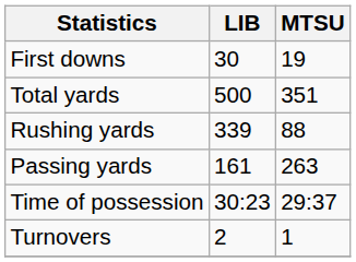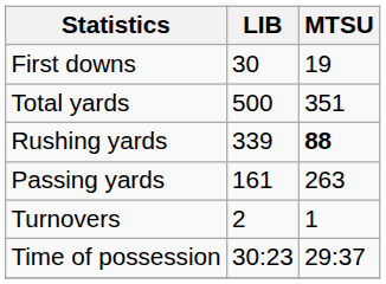 <table class="wikitable" style="float: left;">
 <tr>
 <th>Statistics</th>
 <th>LIB</th>
 <th>MTSU</th>
 </tr>
 <tr>
 <td>First downs</td>
 <td>30</td>
 <td>19</td>
 </tr>
 <tr>
 <td>Total yards</td>
 <td>500</td>
 <td>351</td>
 </tr>
 <tr>
 <td>Rushing yards</td>
 <td>339</td>
-<td>88</td>
+<td><strong>88</strong></td>
 </tr>
 <tr>
 <td>Passing yards</td>
 <td>161</td>
 <td>263</td>
 </tr>
 <tr>
+<td>Turnovers</td>
+<td>2</td>
+<td>1</td>
+</tr>
+<tr>
 <td>Time of possession</td>
 <td>30:23</td>
 <td>29:37</td>
 </tr>
 <tr>
-<td>Turnovers</td>
-<td>2</td>
-<td>1</td>
-</tr>
-<tr>
 </tr>
 </table>
